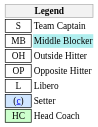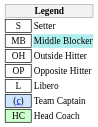 <table class="toccolours" style="float:right; font-size:90%; white-space:nowrap; valign:middle">
 <tr>
 <th colspan="6" style="background-color:#F2F2F2; border:1px solid #AAAAAA">Legend</th>
 </tr>
 <tr>
 <td style="border:1px solid black; text-align:center">  S  </td>
-<td>Team Captain</td>
+<td>Setter</td>
 </tr>
 <tr>
 <td style="border:1px solid black; text-align:center">  MB  </td>
 <td style="background: paleturquoise;">Middle Blocker</td>
 </tr>
 <tr>
 <td style="border:1px solid black; text-align:center">  OH  </td>
 <td>Outside Hitter</td>
 </tr>
 <tr>
 <td style="border:1px solid black; text-align:center">  OP  </td>
 <td>Opposite Hitter</td>
 </tr>
 <tr>
 <td style="border:1px solid black; text-align:center">  L  </td>
 <td>Libero</td>
 </tr>
 <tr>
 <td style="background:#D0E6FF; border:1px solid black; text-align:center"> (<a href='#'>c</a>) </td>
-<td>Setter</td>
+<td>Team Captain</td>
 </tr>
 <tr>
 <td style="background:#CCFFCC; border:1px solid black; text-align:center"> HC </td>
 <td>Head Coach</td>
 </tr>
 </table>
